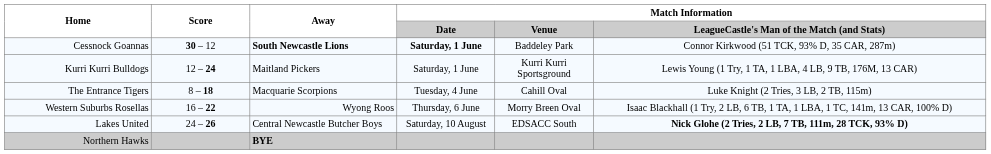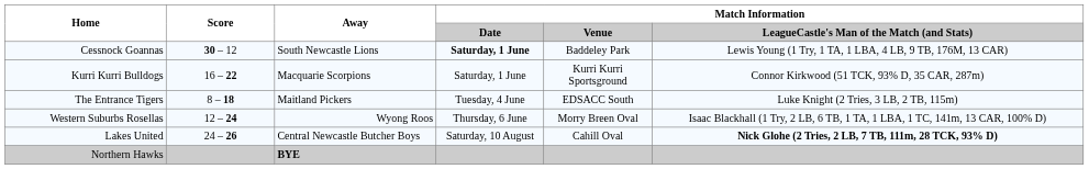 <table width="100%" cellspacing="0" cellpadding="4" border="1" style="border-collapse:collapse;  text-align:center;">
 <tr>
 <th rowspan="2" width="15%">Home</th>
 <th rowspan="2" width="10%">Score</th>
 <th rowspan="2" width="15%">Away</th>
 <th colspan="4">Match Information</th>
 </tr>
 <tr style="background:#CCCCCC">
 <th width="10%">Date</th>
 <th width="10%">Venue</th>
 <th width="40%">LeagueCastle's Man of the Match (and Stats)</th>
 </tr>
 <tr style="text-align:center; background:#f5faff;">
 <td align="right"> Cessnock Goannas</td>
 <td><strong>30</strong> – 12</td>
-<td align="left"><strong> South Newcastle Lions</strong></td>
+<td align="left"> South Newcastle Lions</td>
 <td><strong>Saturday, 1 June</strong></td>
 <td>Baddeley Park</td>
-<td>Connor Kirkwood  (51 TCK, 93% D, 35 CAR, 287m)</td>
+<td>Lewis Young  (1 Try, 1 TA, 1 LBA, 4 LB, 9 TB, 176M, 13 CAR)</td>
 </tr>
 <tr style="text-align:center; background:#f5faff;">
 <td align="right"> Kurri Kurri Bulldogs</td>
-<td>12 – <strong>24</strong></td>
-<td align="left"> Maitland Pickers</td>
+<td>16 – <strong>22</strong></td>
+<td align="left"> Macquarie Scorpions</td>
 <td>Saturday, 1 June</td>
 <td>Kurri Kurri Sportsground</td>
-<td>Lewis Young  (1 Try, 1 TA, 1 LBA, 4 LB, 9 TB, 176M, 13 CAR)</td>
+<td>Connor Kirkwood  (51 TCK, 93% D, 35 CAR, 287m)</td>
 </tr>
 <tr style="text-align:center; background:#f5faff;">
 <td align="right"> The Entrance Tigers</td>
 <td>8 – <strong>18</strong></td>
-<td align="left"> Macquarie Scorpions</td>
+<td align="left"> Maitland Pickers</td>
 <td>Tuesday, 4 June</td>
-<td>Cahill Oval</td>
+<td>EDSACC South</td>
 <td>Luke Knight   (2 Tries, 3 LB, 2 TB, 115m)</td>
 </tr>
 <tr style="text-align:center; background:#f5faff;">
 <td align="right"> Western Suburbs Rosellas</td>
-<td>16 – <strong>22</strong></td>
+<td>12 – <strong>24</strong></td>
 <td align="right"> Wyong Roos</td>
 <td>Thursday, 6 June</td>
 <td>Morry Breen Oval</td>
 <td>Isaac Blackhall  (1 Try, 2 LB, 6 TB, 1 TA, 1 LBA, 1 TC, 141m, 13 CAR, 100% D)</td>
 </tr>
 <tr style="text-align:center; background:#f5faff;">
 <td align="right"> Lakes United</td>
 <td>24 – <strong>26</strong></td>
 <td align="left"> Central Newcastle Butcher Boys</td>
 <td>Saturday, 10 August</td>
-<td>EDSACC South</td>
+<td>Cahill Oval</td>
 <td><strong>Nick Glohe  (2 Tries, 2 LB, 7 TB, 111m, 28 TCK, 93% D)</strong></td>
 </tr>
 <tr style="text-align:center; background:#CCCCCC;">
 <td align="right"> Northern Hawks</td>
 <td></td>
 <td align="left"><strong>BYE</strong></td>
 <td></td>
 <td></td>
 <td></td>
 </tr>
 </table>
